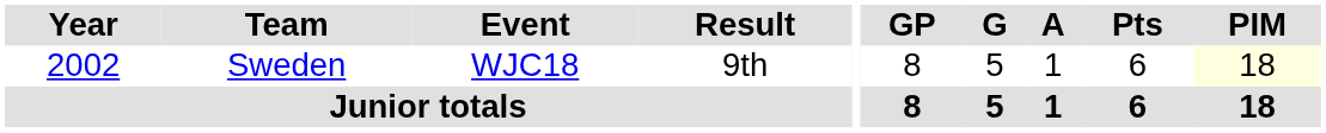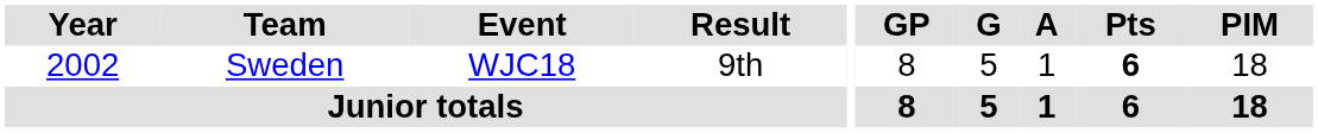 <table border="0" cellpadding="1" cellspacing="0" ID="Table3" style="text-align:center; width:40em">
 <tr ALIGN="center" bgcolor="#e0e0e0">
 <th>Year</th>
 <th>Team</th>
 <th>Event</th>
 <th>Result</th>
 <th rowspan="99" bgcolor="#ffffff"></th>
 <th>GP</th>
 <th>G</th>
 <th>A</th>
 <th>Pts</th>
 <th>PIM</th>
 </tr>
 <tr>
 <td><a href='#'>2002</a></td>
 <td><a href='#'>Sweden</a></td>
 <td><a href='#'>WJC18</a></td>
 <td>9th</td>
 <td>8</td>
 <td>5</td>
 <td>1</td>
-<td>6</td>
-<td style="background: lightyellow;">18</td>
+<td><strong>6</strong></td>
+<td>18</td>
 </tr>
 <tr bgcolor="#e0e0e0">
 <th colspan="4">Junior totals</th>
 <th>8</th>
 <th>5</th>
 <th>1</th>
 <th>6</th>
 <th>18</th>
 </tr>
 </table>
